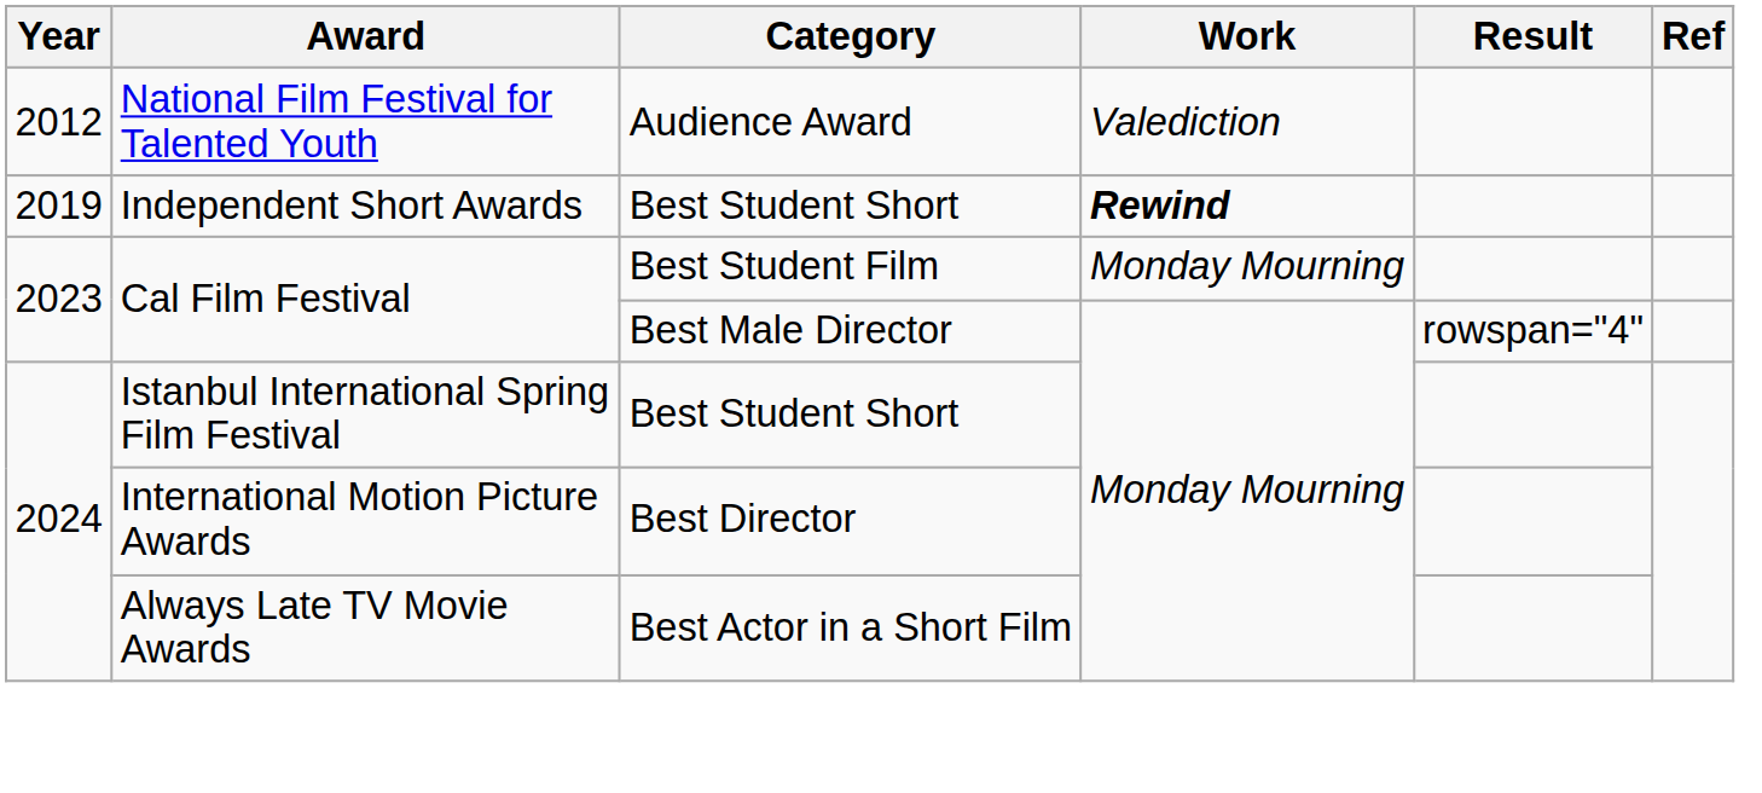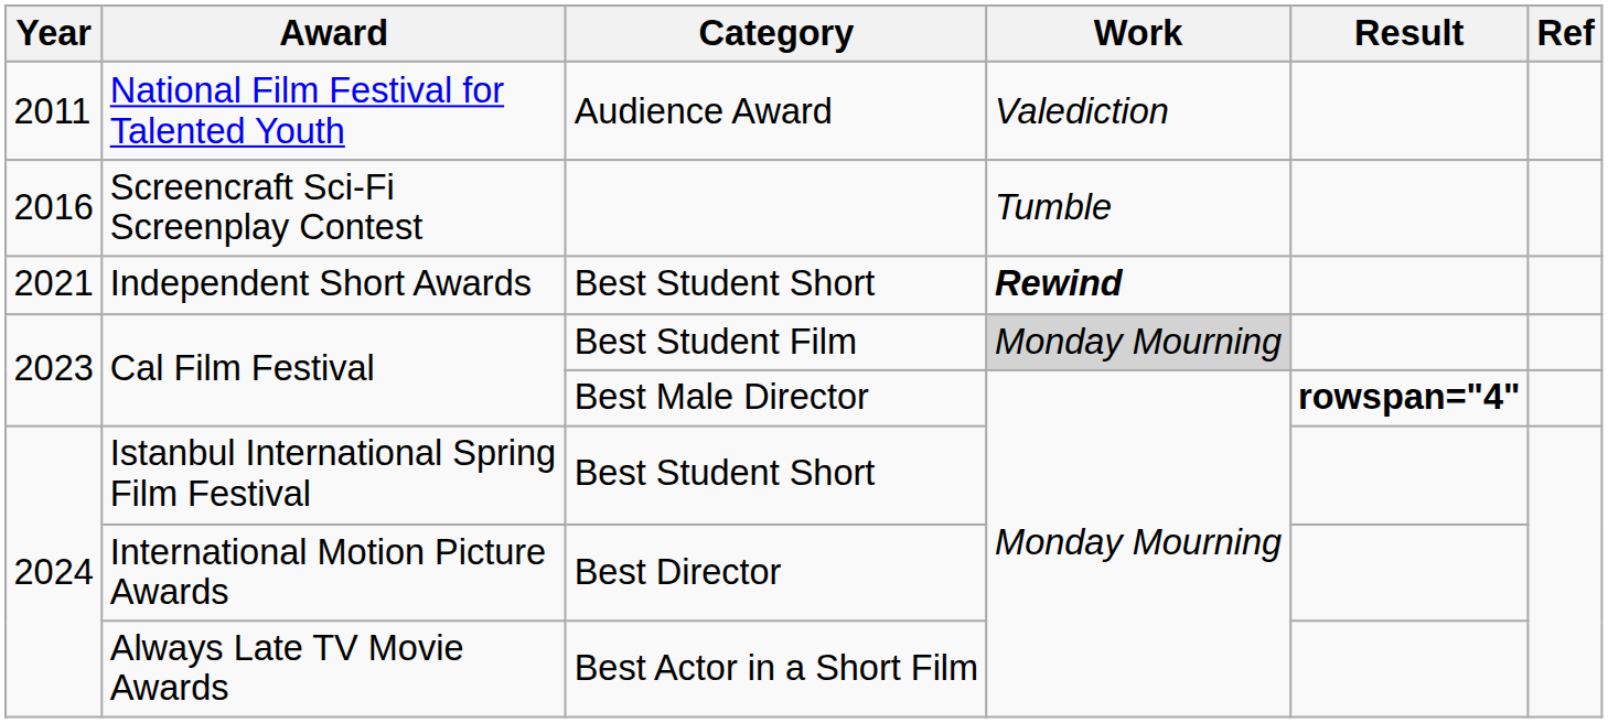 <table class="wikitable sortable" style="margin-right: 0;">
 <tr>
 <th style="width:33px;">Year</th>
 <th style="width:200px;">Award</th>
 <th>Category</th>
 <th>Work</th>
 <th>Result</th>
 <th>Ref</th>
 </tr>
 <tr>
-<td>2012</td>
+<td>2011</td>
 <td><a href='#'>National Film Festival for Talented Youth</a></td>
 <td>Audience Award</td>
 <td><em>Valediction</em></td>
 <td></td>
 <td></td>
 </tr>
 <tr>
-<td>2019</td>
+<td>2016</td>
+<td>Screencraft Sci-Fi Screenplay Contest</td>
+<td></td>
+<td><em>Tumble</em></td>
+<td></td>
+<td></td>
+</tr>
+<tr>
+<td>2021</td>
 <td>Independent Short Awards</td>
 <td>Best Student Short</td>
 <td><strong><em>Rewind</em></strong></td>
 <td></td>
 <td></td>
 </tr>
 <tr>
 <td rowspan="2">2023</td>
 <td rowspan="2">Cal Film Festival</td>
 <td>Best Student Film</td>
-<td><em>Monday Mourning</em></td>
+<td style="background: lightgrey;"><em>Monday Mourning</em></td>
 <td></td>
 <td></td>
 </tr>
 <tr>
 <td>Best Male Director</td>
 <td rowspan="4"><em>Monday Mourning</em></td>
-<td>rowspan="4" </td>
+<td><strong>rowspan="4" </strong></td>
 <td></td>
 </tr>
 <tr>
 <td rowspan="3">2024</td>
 <td>Istanbul International Spring Film Festival</td>
 <td>Best Student Short</td>
 <td></td>
 </tr>
 <tr>
 <td>International Motion Picture Awards</td>
 <td>Best Director</td>
 <td></td>
 </tr>
 <tr>
 <td>Always Late TV Movie Awards</td>
 <td>Best Actor in a Short Film</td>
 <td></td>
 </tr>
 </table>
